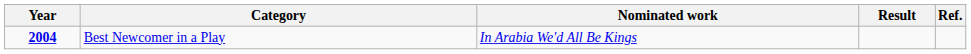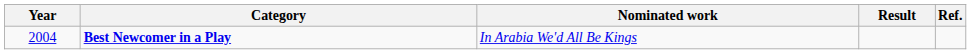 <table class=wikitable>
 <tr>
 <th scope="col" style="width:5em;">Year</th>
 <th scope="col" style="width:28em;">Category</th>
 <th scope="col" style="width:27em;">Nominated work</th>
 <th scope="col" style="width:5em;">Result</th>
 <th>Ref.</th>
 </tr>
 <tr>
-<td style="text-align:center;"><strong><a href='#'>2004</a></strong></td>
-<td><a href='#'>Best Newcomer in a Play</a></td>
+<td style="text-align:center;"><a href='#'>2004</a></td>
+<td><strong><a href='#'>Best Newcomer in a Play</a></strong></td>
 <td><em><a href='#'>In Arabia We'd All Be Kings</a></em></td>
 <td></td>
 <td style="text-align:center;"></td>
 </tr>
 </table>
